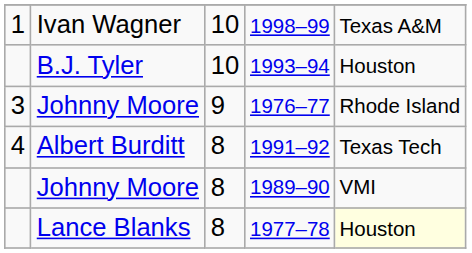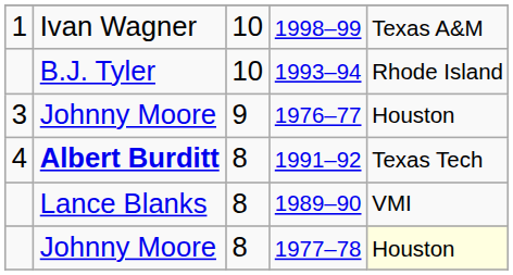 <table class="wikitable">
 <tr>
 </tr>
 <tr>
 <td>1</td>
 <td>Ivan Wagner</td>
 <td>10</td>
 <td style="font-size:80%;"><a href='#'>1998–99</a></td>
 <td style="font-size:80%;">Texas A&M</td>
 </tr>
 <tr>
 <td></td>
 <td><a href='#'>B.J. Tyler</a></td>
 <td>10</td>
 <td style="font-size:80%;"><a href='#'>1993–94</a></td>
-<td style="font-size:80%;">Houston</td>
+<td style="font-size:80%;">Rhode Island</td>
 </tr>
 <tr>
 <td>3</td>
 <td><a href='#'>Johnny Moore</a></td>
 <td>9</td>
 <td style="font-size:80%;"><a href='#'>1976–77</a></td>
-<td style="font-size:80%;">Rhode Island</td>
+<td style="font-size:80%;">Houston</td>
 </tr>
 <tr>
 <td>4</td>
-<td><a href='#'>Albert Burditt</a></td>
+<td><strong><a href='#'>Albert Burditt</a></strong></td>
 <td>8</td>
 <td style="font-size:80%;"><a href='#'>1991–92</a></td>
 <td style="font-size:80%;">Texas Tech</td>
 </tr>
 <tr>
 <td></td>
-<td><a href='#'>Johnny Moore</a></td>
+<td><a href='#'>Lance Blanks</a></td>
 <td>8</td>
 <td style="font-size:80%;"><a href='#'>1989–90</a></td>
 <td style="font-size:80%;">VMI</td>
 </tr>
 <tr>
 <td></td>
-<td><a href='#'>Lance Blanks</a></td>
+<td><a href='#'>Johnny Moore</a></td>
 <td>8</td>
 <td style="font-size:80%;"><a href='#'>1977–78</a></td>
 <td style="background: lightyellow; font-size:80%;">Houston</td>
 </tr>
 </table>
